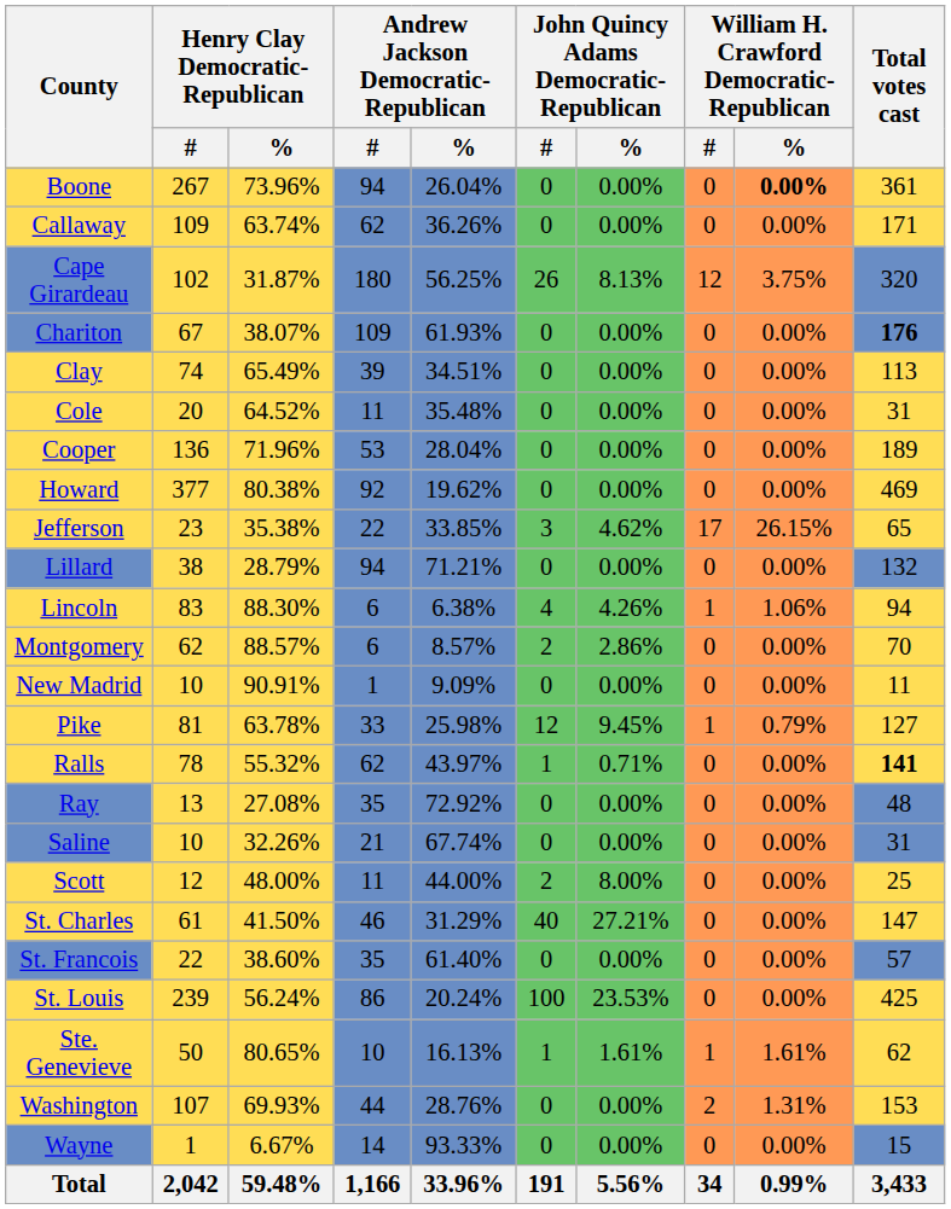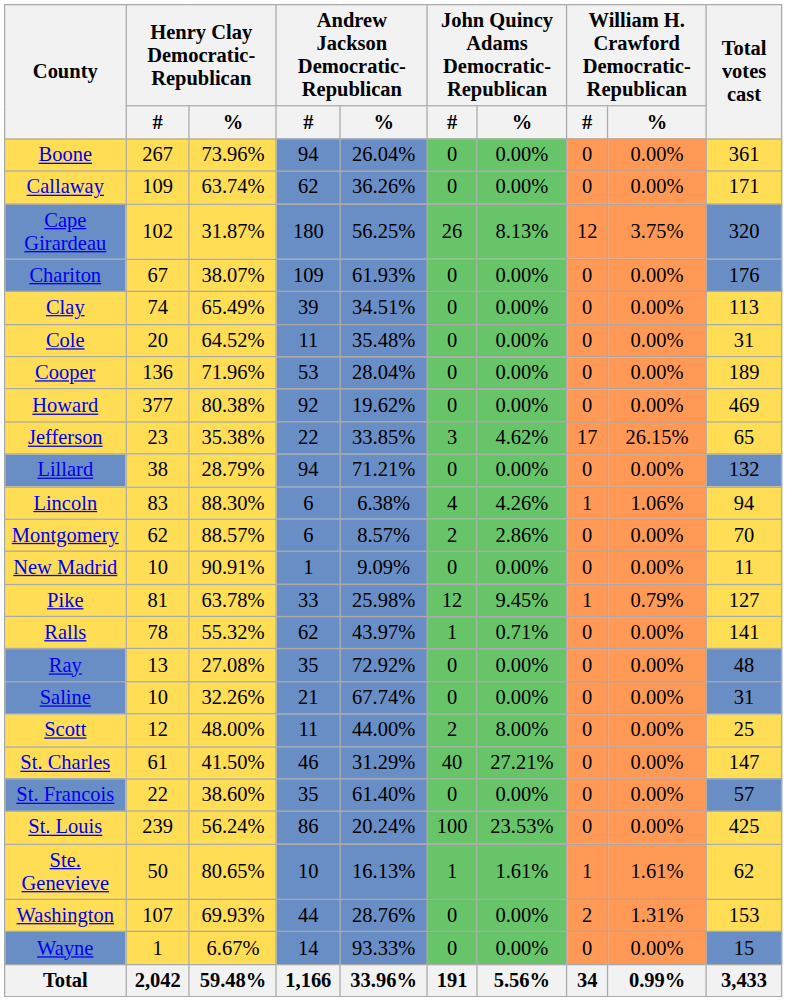 <table class="wikitable sortable">
 <tr>
 <th rowspan="2">County</th>
 <th colspan="2">Henry Clay<br>Democratic-Republican</th>
 <th colspan="2">Andrew Jackson<br>Democratic-Republican</th>
 <th colspan="2">John Quincy Adams<br>Democratic-Republican</th>
 <th colspan="2">William H. Crawford<br>Democratic-Republican</th>
 <th rowspan="2">Total votes cast</th>
 </tr>
 <tr style="text-align:center;">
 <th>#</th>
 <th>%</th>
 <th>#</th>
 <th>%</th>
 <th>#</th>
 <th>%</th>
 <th>#</th>
 <th>%</th>
 </tr>
 <tr style="text-align:center;">
 <td style="color:black; background:#FFDD55;"><a href='#'>Boone</a></td>
 <td style="color:black; background:#FFDD55;">267</td>
 <td style="color:black; background:#FFDD55;">73.96%</td>
 <td style="color:black; background:#698DC5;">94</td>
 <td style="color:black; background:#698DC5;">26.04%</td>
 <td style="color:black; background:#68C468;">0</td>
 <td style="color:black; background:#68C468;">0.00%</td>
 <td style="color:black; background:#FF9955;">0</td>
-<td style="color:black; background:#FF9955;"><strong>0.00%</strong></td>
+<td style="color:black; background:#FF9955;">0.00%</td>
 <td style="color:black; background:#FFDD55;">361</td>
 </tr>
 <tr style="text-align:center;">
 <td style="color:black; background:#FFDD55;"><a href='#'>Callaway</a></td>
 <td style="color:black; background:#FFDD55;">109</td>
 <td style="color:black; background:#FFDD55;">63.74%</td>
 <td style="color:black; background:#698DC5;">62</td>
 <td style="color:black; background:#698DC5;">36.26%</td>
 <td style="color:black; background:#68C468;">0</td>
 <td style="color:black; background:#68C468;">0.00%</td>
 <td style="color:black; background:#FF9955;">0</td>
 <td style="color:black; background:#FF9955;">0.00%</td>
 <td style="color:black; background:#FFDD55;">171</td>
 </tr>
 <tr style="text-align:center;">
 <td style="color:black; background:#698DC5;"><a href='#'>Cape Girardeau</a></td>
 <td style="color:black; background:#FFDD55;">102</td>
 <td style="color:black; background:#FFDD55;">31.87%</td>
 <td style="color:black; background:#698DC5;">180</td>
 <td style="color:black; background:#698DC5;">56.25%</td>
 <td style="color:black; background:#68C468;">26</td>
 <td style="color:black; background:#68C468;">8.13%</td>
 <td style="color:black; background:#FF9955;">12</td>
 <td style="color:black; background:#FF9955;">3.75%</td>
 <td style="color:black; background:#698DC5;">320</td>
 </tr>
 <tr style="text-align:center;">
 <td style="color:black; background:#698DC5;"><a href='#'>Chariton</a></td>
 <td style="color:black; background:#FFDD55;">67</td>
 <td style="color:black; background:#FFDD55;">38.07%</td>
 <td style="color:black; background:#698DC5;">109</td>
 <td style="color:black; background:#698DC5;">61.93%</td>
 <td style="color:black; background:#68C468;">0</td>
 <td style="color:black; background:#68C468;">0.00%</td>
 <td style="color:black; background:#FF9955;">0</td>
 <td style="color:black; background:#FF9955;">0.00%</td>
-<td style="color:black; background:#698DC5;"><strong>176</strong></td>
+<td style="color:black; background:#698DC5;">176</td>
 </tr>
 <tr style="text-align:center;">
 <td style="color:black; background:#FFDD55;"><a href='#'>Clay</a></td>
 <td style="color:black; background:#FFDD55;">74</td>
 <td style="color:black; background:#FFDD55;">65.49%</td>
 <td style="color:black; background:#698DC5;">39</td>
 <td style="color:black; background:#698DC5;">34.51%</td>
 <td style="color:black; background:#68C468;">0</td>
 <td style="color:black; background:#68C468;">0.00%</td>
 <td style="color:black; background:#FF9955;">0</td>
 <td style="color:black; background:#FF9955;">0.00%</td>
 <td style="color:black; background:#FFDD55;">113</td>
 </tr>
 <tr style="text-align:center;">
 <td style="color:black; background:#FFDD55;"><a href='#'>Cole</a></td>
 <td style="color:black; background:#FFDD55;">20</td>
 <td style="color:black; background:#FFDD55;">64.52%</td>
 <td style="color:black; background:#698DC5;">11</td>
 <td style="color:black; background:#698DC5;">35.48%</td>
 <td style="color:black; background:#68C468;">0</td>
 <td style="color:black; background:#68C468;">0.00%</td>
 <td style="color:black; background:#FF9955;">0</td>
 <td style="color:black; background:#FF9955;">0.00%</td>
 <td style="color:black; background:#FFDD55;">31</td>
 </tr>
 <tr style="text-align:center;">
 <td style="color:black; background:#FFDD55;"><a href='#'>Cooper</a></td>
 <td style="color:black; background:#FFDD55;">136</td>
 <td style="color:black; background:#FFDD55;">71.96%</td>
 <td style="color:black; background:#698DC5;">53</td>
 <td style="color:black; background:#698DC5;">28.04%</td>
 <td style="color:black; background:#68C468;">0</td>
 <td style="color:black; background:#68C468;">0.00%</td>
 <td style="color:black; background:#FF9955;">0</td>
 <td style="color:black; background:#FF9955;">0.00%</td>
 <td style="color:black; background:#FFDD55;">189</td>
 </tr>
 <tr style="text-align:center;">
 <td style="color:black; background:#FFDD55;"><a href='#'>Howard</a></td>
 <td style="color:black; background:#FFDD55;">377</td>
 <td style="color:black; background:#FFDD55;">80.38%</td>
 <td style="color:black; background:#698DC5;">92</td>
 <td style="color:black; background:#698DC5;">19.62%</td>
 <td style="color:black; background:#68C468;">0</td>
 <td style="color:black; background:#68C468;">0.00%</td>
 <td style="color:black; background:#FF9955;">0</td>
 <td style="color:black; background:#FF9955;">0.00%</td>
 <td style="color:black; background:#FFDD55;">469</td>
 </tr>
 <tr style="text-align:center;">
 <td style="color:black; background:#FFDD55;"><a href='#'>Jefferson</a></td>
 <td style="color:black; background:#FFDD55;">23</td>
 <td style="color:black; background:#FFDD55;">35.38%</td>
 <td style="color:black; background:#698DC5;">22</td>
 <td style="color:black; background:#698DC5;">33.85%</td>
 <td style="color:black; background:#68C468;">3</td>
 <td style="color:black; background:#68C468;">4.62%</td>
 <td style="color:black; background:#FF9955;">17</td>
 <td style="color:black; background:#FF9955;">26.15%</td>
 <td style="color:black; background:#FFDD55;">65</td>
 </tr>
 <tr style="text-align:center;">
 <td style="color:black; background:#698DC5;"><a href='#'>Lillard</a></td>
 <td style="color:black; background:#FFDD55;">38</td>
 <td style="color:black; background:#FFDD55;">28.79%</td>
 <td style="color:black; background:#698DC5;">94</td>
 <td style="color:black; background:#698DC5;">71.21%</td>
 <td style="color:black; background:#68C468;">0</td>
 <td style="color:black; background:#68C468;">0.00%</td>
 <td style="color:black; background:#FF9955;">0</td>
 <td style="color:black; background:#FF9955;">0.00%</td>
 <td style="color:black; background:#698DC5;">132</td>
 </tr>
 <tr style="text-align:center;">
 <td style="color:black; background:#FFDD55;"><a href='#'>Lincoln</a></td>
 <td style="color:black; background:#FFDD55;">83</td>
 <td style="color:black; background:#FFDD55;">88.30%</td>
 <td style="color:black; background:#698DC5;">6</td>
 <td style="color:black; background:#698DC5;">6.38%</td>
 <td style="color:black; background:#68C468;">4</td>
 <td style="color:black; background:#68C468;">4.26%</td>
 <td style="color:black; background:#FF9955;">1</td>
 <td style="color:black; background:#FF9955;">1.06%</td>
 <td style="color:black; background:#FFDD55;">94</td>
 </tr>
 <tr style="text-align:center;">
 <td style="color:black; background:#FFDD55;"><a href='#'>Montgomery</a></td>
 <td style="color:black; background:#FFDD55;">62</td>
 <td style="color:black; background:#FFDD55;">88.57%</td>
 <td style="color:black; background:#698DC5;">6</td>
 <td style="color:black; background:#698DC5;">8.57%</td>
 <td style="color:black; background:#68C468;">2</td>
 <td style="color:black; background:#68C468;">2.86%</td>
 <td style="color:black; background:#FF9955;">0</td>
 <td style="color:black; background:#FF9955;">0.00%</td>
 <td style="color:black; background:#FFDD55;">70</td>
 </tr>
 <tr style="text-align:center;">
 <td style="color:black; background:#FFDD55;"><a href='#'>New Madrid</a></td>
 <td style="color:black; background:#FFDD55;">10</td>
 <td style="color:black; background:#FFDD55;">90.91%</td>
 <td style="color:black; background:#698DC5;">1</td>
 <td style="color:black; background:#698DC5;">9.09%</td>
 <td style="color:black; background:#68C468;">0</td>
 <td style="color:black; background:#68C468;">0.00%</td>
 <td style="color:black; background:#FF9955;">0</td>
 <td style="color:black; background:#FF9955;">0.00%</td>
 <td style="color:black; background:#FFDD55;">11</td>
 </tr>
 <tr style="text-align:center;">
 <td style="color:black; background:#FFDD55;"><a href='#'>Pike</a></td>
 <td style="color:black; background:#FFDD55;">81</td>
 <td style="color:black; background:#FFDD55;">63.78%</td>
 <td style="color:black; background:#698DC5;">33</td>
 <td style="color:black; background:#698DC5;">25.98%</td>
 <td style="color:black; background:#68C468;">12</td>
 <td style="color:black; background:#68C468;">9.45%</td>
 <td style="color:black; background:#FF9955;">1</td>
 <td style="color:black; background:#FF9955;">0.79%</td>
 <td style="color:black; background:#FFDD55;">127</td>
 </tr>
 <tr style="text-align:center;">
 <td style="color:black; background:#FFDD55;"><a href='#'>Ralls</a></td>
 <td style="color:black; background:#FFDD55;">78</td>
 <td style="color:black; background:#FFDD55;">55.32%</td>
 <td style="color:black; background:#698DC5;">62</td>
 <td style="color:black; background:#698DC5;">43.97%</td>
 <td style="color:black; background:#68C468;">1</td>
 <td style="color:black; background:#68C468;">0.71%</td>
 <td style="color:black; background:#FF9955;">0</td>
 <td style="color:black; background:#FF9955;">0.00%</td>
-<td style="color:black; background:#FFDD55;"><strong>141</strong></td>
+<td style="color:black; background:#FFDD55;">141</td>
 </tr>
 <tr style="text-align:center;">
 <td style="color:black; background:#698DC5;"><a href='#'>Ray</a></td>
 <td style="color:black; background:#FFDD55;">13</td>
 <td style="color:black; background:#FFDD55;">27.08%</td>
 <td style="color:black; background:#698DC5;">35</td>
 <td style="color:black; background:#698DC5;">72.92%</td>
 <td style="color:black; background:#68C468;">0</td>
 <td style="color:black; background:#68C468;">0.00%</td>
 <td style="color:black; background:#FF9955;">0</td>
 <td style="color:black; background:#FF9955;">0.00%</td>
 <td style="color:black; background:#698DC5;">48</td>
 </tr>
 <tr style="text-align:center;">
 <td style="color:black; background:#698DC5;"><a href='#'>Saline</a></td>
 <td style="color:black; background:#FFDD55;">10</td>
 <td style="color:black; background:#FFDD55;">32.26%</td>
 <td style="color:black; background:#698DC5;">21</td>
 <td style="color:black; background:#698DC5;">67.74%</td>
 <td style="color:black; background:#68C468;">0</td>
 <td style="color:black; background:#68C468;">0.00%</td>
 <td style="color:black; background:#FF9955;">0</td>
 <td style="color:black; background:#FF9955;">0.00%</td>
 <td style="color:black; background:#698DC5;">31</td>
 </tr>
 <tr style="text-align:center;">
 <td style="color:black; background:#FFDD55;"><a href='#'>Scott</a></td>
 <td style="color:black; background:#FFDD55;">12</td>
 <td style="color:black; background:#FFDD55;">48.00%</td>
 <td style="color:black; background:#698DC5;">11</td>
 <td style="color:black; background:#698DC5;">44.00%</td>
 <td style="color:black; background:#68C468;">2</td>
 <td style="color:black; background:#68C468;">8.00%</td>
 <td style="color:black; background:#FF9955;">0</td>
 <td style="color:black; background:#FF9955;">0.00%</td>
 <td style="color:black; background:#FFDD55;">25</td>
 </tr>
 <tr style="text-align:center;">
 <td style="color:black; background:#FFDD55;"><a href='#'>St. Charles</a></td>
 <td style="color:black; background:#FFDD55;">61</td>
 <td style="color:black; background:#FFDD55;">41.50%</td>
 <td style="color:black; background:#698DC5;">46</td>
 <td style="color:black; background:#698DC5;">31.29%</td>
 <td style="color:black; background:#68C468;">40</td>
 <td style="color:black; background:#68C468;">27.21%</td>
 <td style="color:black; background:#FF9955;">0</td>
 <td style="color:black; background:#FF9955;">0.00%</td>
 <td style="color:black; background:#FFDD55;">147</td>
 </tr>
 <tr style="text-align:center;">
 <td style="color:black; background:#698DC5;"><a href='#'>St. Francois</a></td>
 <td style="color:black; background:#FFDD55;">22</td>
 <td style="color:black; background:#FFDD55;">38.60%</td>
 <td style="color:black; background:#698DC5;">35</td>
 <td style="color:black; background:#698DC5;">61.40%</td>
 <td style="color:black; background:#68C468;">0</td>
 <td style="color:black; background:#68C468;">0.00%</td>
 <td style="color:black; background:#FF9955;">0</td>
 <td style="color:black; background:#FF9955;">0.00%</td>
 <td style="color:black; background:#698DC5;">57</td>
 </tr>
 <tr style="text-align:center;">
 <td style="color:black; background:#FFDD55;"><a href='#'>St. Louis</a></td>
 <td style="color:black; background:#FFDD55;">239</td>
 <td style="color:black; background:#FFDD55;">56.24%</td>
 <td style="color:black; background:#698DC5;">86</td>
 <td style="color:black; background:#698DC5;">20.24%</td>
 <td style="color:black; background:#68C468;">100</td>
 <td style="color:black; background:#68C468;">23.53%</td>
 <td style="color:black; background:#FF9955;">0</td>
 <td style="color:black; background:#FF9955;">0.00%</td>
 <td style="color:black; background:#FFDD55;">425</td>
 </tr>
 <tr style="text-align:center;">
 <td style="color:black; background:#FFDD55;"><a href='#'>Ste. Genevieve</a></td>
 <td style="color:black; background:#FFDD55;">50</td>
 <td style="color:black; background:#FFDD55;">80.65%</td>
 <td style="color:black; background:#698DC5;">10</td>
 <td style="color:black; background:#698DC5;">16.13%</td>
 <td style="color:black; background:#68C468;">1</td>
 <td style="color:black; background:#68C468;">1.61%</td>
 <td style="color:black; background:#FF9955;">1</td>
 <td style="color:black; background:#FF9955;">1.61%</td>
 <td style="color:black; background:#FFDD55;">62</td>
 </tr>
 <tr style="text-align:center;">
 <td style="color:black; background:#FFDD55;"><a href='#'>Washington</a></td>
 <td style="color:black; background:#FFDD55;">107</td>
 <td style="color:black; background:#FFDD55;">69.93%</td>
 <td style="color:black; background:#698DC5;">44</td>
 <td style="color:black; background:#698DC5;">28.76%</td>
 <td style="color:black; background:#68C468;">0</td>
 <td style="color:black; background:#68C468;">0.00%</td>
 <td style="color:black; background:#FF9955;">2</td>
 <td style="color:black; background:#FF9955;">1.31%</td>
 <td style="color:black; background:#FFDD55;">153</td>
 </tr>
 <tr style="text-align:center;">
 <td style="color:black; background:#698DC5;"><a href='#'>Wayne</a></td>
 <td style="color:black; background:#FFDD55;">1</td>
 <td style="color:black; background:#FFDD55;">6.67%</td>
 <td style="color:black; background:#698DC5;">14</td>
 <td style="color:black; background:#698DC5;">93.33%</td>
 <td style="color:black; background:#68C468;">0</td>
 <td style="color:black; background:#68C468;">0.00%</td>
 <td style="color:black; background:#FF9955;">0</td>
 <td style="color:black; background:#FF9955;">0.00%</td>
 <td style="color:black; background:#698DC5;">15</td>
 </tr>
 <tr style="text-align:center;">
 <th>Total</th>
 <th>2,042</th>
 <th>59.48%</th>
 <th>1,166</th>
 <th>33.96%</th>
 <th>191</th>
 <th>5.56%</th>
 <th>34</th>
 <th>0.99%</th>
 <th>3,433</th>
 </tr>
 </table>
